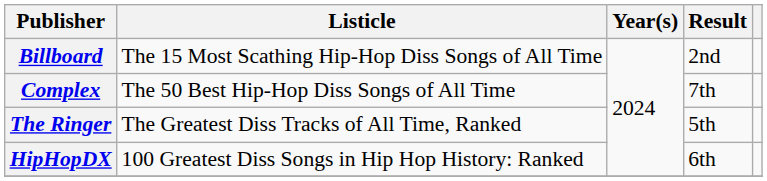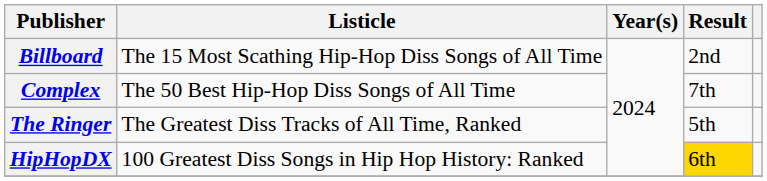 <table class="wikitable plainrowheaders sortable" style="margin-right: 0;">
 <tr>
 <th scope="col">Publisher</th>
 <th scope="col">Listicle</th>
 <th scope="col">Year(s)</th>
 <th scope="col">Result</th>
 <th class="unsortable" scope="col"></th>
 </tr>
 <tr>
 <th scope="row"><em><a href='#'>Billboard</a></em></th>
 <td>The 15 Most Scathing Hip-Hop Diss Songs of All Time</td>
 <td rowspan="4">2024</td>
 <td>2nd</td>
 <td></td>
 </tr>
 <tr>
 <th scope="row"><em><a href='#'>Complex</a></em></th>
 <td>The 50 Best Hip-Hop Diss Songs of All Time</td>
 <td>7th</td>
 <td style="text-align:center;"></td>
 </tr>
 <tr>
 <th scope="row"><em><a href='#'>The Ringer</a></em></th>
 <td>The Greatest Diss Tracks of All Time, Ranked</td>
 <td>5th</td>
 <td></td>
 </tr>
 <tr>
 <th scope="row"><em><a href='#'>HipHopDX</a></em></th>
 <td>100 Greatest Diss Songs in Hip Hop History: Ranked</td>
-<td>6th</td>
+<td style="background: gold;">6th</td>
 <td></td>
 </tr>
 <tr>
 </tr>
 </table>
